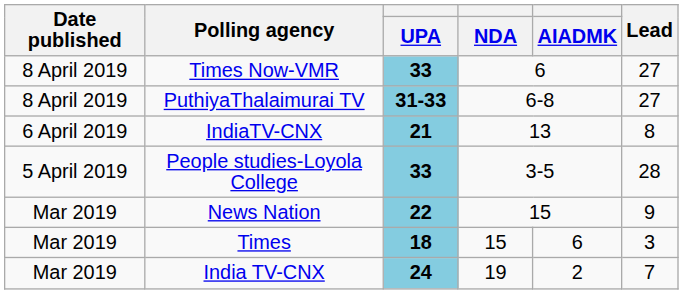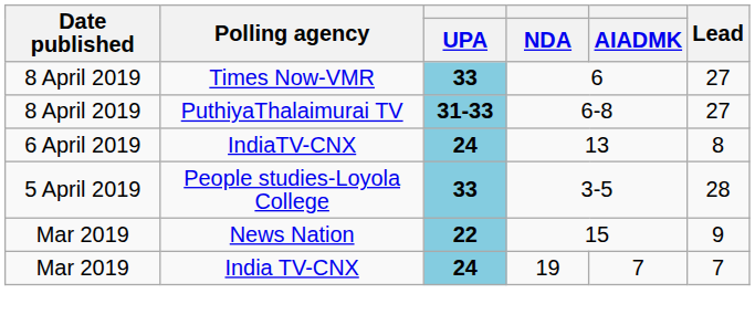 <table class="wikitable sortable" style="text-align:center;font-size:95%;line-height:16px">
 <tr>
 <th rowspan="2" width="100px">Date published</th>
 <th rowspan="2" width="175px">Polling agency</th>
 <th style="background:"></th>
 <th style="background:"></th>
 <th style="background:"></th>
 <th rowspan="2">Lead</th>
 </tr>
 <tr>
 <th width="50px" class="unsortable"><a href='#'>UPA</a></th>
 <th width="50px" class="unsortable"><a href='#'>NDA</a></th>
 <th width="50px" class="unsortable"><a href='#'>AIADMK</a></th>
 </tr>
 <tr>
 <td>8 April 2019</td>
 <td><a href='#'>Times Now-VMR</a></td>
 <td style="background:#84CCE0"><strong>33</strong></td>
 <td colspan="2">6</td>
 <td style="background:"><span>27</span></td>
 </tr>
 <tr>
 <td>8 April 2019</td>
 <td><a href='#'>PuthiyaThalaimurai TV</a></td>
 <td style="background:#84CCE0"><strong>31-33</strong></td>
 <td Colspan="2">6-8</td>
 <td style="background:"><span>27</span></td>
 </tr>
 <tr>
 <td>6 April 2019</td>
 <td><a href='#'>IndiaTV-CNX</a></td>
-<td style="background:#84CCE0"><strong>21</strong></td>
+<td style="background:#84CCE0"><strong>24</strong></td>
 <td Colspan="2">13</td>
 <td style="background:"><span>8</span></td>
 </tr>
 <tr>
 <td>5 April 2019</td>
 <td><a href='#'>People studies-Loyola College</a></td>
 <td style="background:#84CCE0"><strong>33</strong></td>
 <td Colspan="2">3-5</td>
 <td style="background:"><span>28</span></td>
 </tr>
 <tr>
 <td>Mar 2019</td>
 <td><a href='#'>News Nation</a></td>
 <td style="background:#84CCE0"><strong>22</strong></td>
 <td Colspan="2">15</td>
 <td style="background:"><span>9</span></td>
 </tr>
 <tr>
 <td>Mar 2019</td>
-<td><a href='#'>Times</a></td>
-<td style="background:#84CCE0"><strong>18</strong></td>
-<td>15</td>
-<td>6</td>
-<td style="background:"><span>3</span></td>
-</tr>
-<tr>
-<td>Mar 2019</td>
 <td><a href='#'>India TV-CNX</a></td>
 <td style="background:#84CCE0"><strong>24</strong></td>
 <td>19</td>
-<td>2</td>
+<td>7</td>
 <td style="background:"><span>7</span></td>
 </tr>
 </table>
